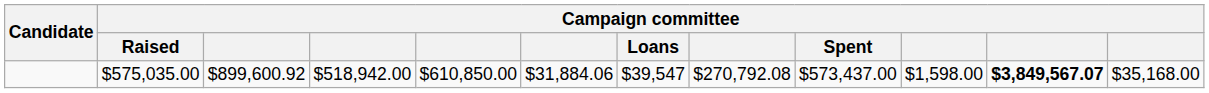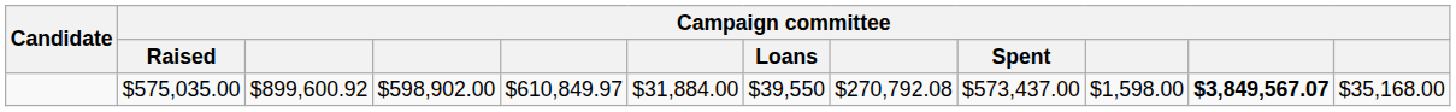 <table class="wikitable sortable" style="font-size:90%;text-align:center;">
 <tr>
 <th rowspan="2">Candidate</th>
 <th colspan="11">Campaign committee</th>
 </tr>
 <tr>
 <th>Raised</th>
 <th></th>
 <th></th>
 <th></th>
 <th></th>
 <th>Loans</th>
 <th></th>
 <th>Spent</th>
 <th data-sort-type=currency></th>
 <th></th>
 <th></th>
 </tr>
 <tr>
 <td></td>
 <td>$575,035.00</td>
 <td>$899,600.92</td>
-<td>$518,942.00</td>
-<td>$610,850.00</td>
-<td>$31,884.06</td>
-<td>$39,547</td>
+<td>$598,902.00</td>
+<td>$610,849.97</td>
+<td>$31,884.00</td>
+<td>$39,550</td>
 <td>$270,792.08</td>
 <td>$573,437.00</td>
 <td>$1,598.00</td>
 <td><strong>$3,849,567.07</strong></td>
 <td>$35,168.00</td>
 </tr>
 </table>
